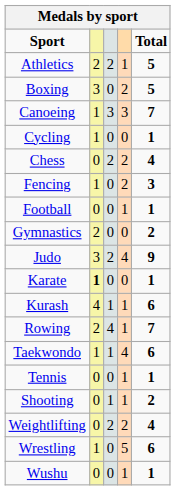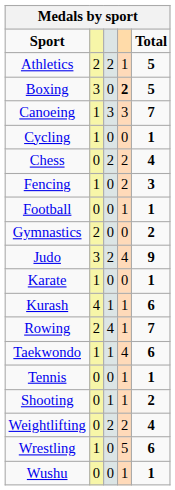 <table class=wikitable style="font-size:85%;text-align:center;float:right;clear:right;margin-left:1em;">
 <tr bgcolor=EFEFEF>
 <th colspan=7>Medals by sport</th>
 </tr>
 <tr>
 <td><strong>Sport</strong></td>
 <td bgcolor=F7F6A8></td>
 <td bgcolor=DCE5E5></td>
 <td bgcolor=FFDBA9></td>
 <td><strong>Total</strong></td>
 </tr>
 <tr>
 <td><a href='#'>Athletics</a></td>
 <td bgcolor=F7F6A8>2</td>
 <td bgcolor=DCE5E5>2</td>
 <td bgcolor=FFDAB9>1</td>
 <td><strong>5</strong></td>
 </tr>
 <tr>
 <td><a href='#'>Boxing</a></td>
 <td bgcolor=F7F6A8>3</td>
 <td bgcolor=DCE5E5>0</td>
-<td bgcolor=FFDAB9>2</td>
+<td bgcolor=FFDAB9><strong>2</strong></td>
 <td><strong>5</strong></td>
 </tr>
 <tr>
 <td><a href='#'>Canoeing</a></td>
 <td bgcolor=F7F6A8>1</td>
 <td bgcolor=DCE5E5>3</td>
 <td bgcolor=FFDAB9>3</td>
 <td><strong>7</strong></td>
 </tr>
 <tr>
 <td><a href='#'>Cycling</a></td>
 <td bgcolor=F7F6A8>1</td>
 <td bgcolor=DCE5E5>0</td>
 <td bgcolor=FFDAB9>0</td>
 <td><strong>1</strong></td>
 </tr>
 <tr>
 <td><a href='#'>Chess</a></td>
 <td bgcolor=F7F6A8>0</td>
 <td bgcolor=DCE5E5>2</td>
 <td bgcolor=FFDAB9>2</td>
 <td><strong>4</strong></td>
 </tr>
 <tr>
 <td><a href='#'>Fencing</a></td>
 <td bgcolor=F7F6A8>1</td>
 <td bgcolor=DCE5E5>0</td>
 <td bgcolor=FFDAB9>2</td>
 <td><strong>3</strong></td>
 </tr>
 <tr>
 <td><a href='#'>Football</a></td>
 <td bgcolor=F7F6A8>0</td>
 <td bgcolor=DCE5E5>0</td>
 <td bgcolor=FFDAB9>1</td>
 <td><strong>1</strong></td>
 </tr>
 <tr>
 <td><a href='#'>Gymnastics</a></td>
 <td bgcolor=F7F6A8>2</td>
 <td bgcolor=DCE5E5>0</td>
 <td bgcolor=FFDAB9>0</td>
 <td><strong>2</strong></td>
 </tr>
 <tr>
 <td><a href='#'>Judo</a></td>
 <td bgcolor=F7F6A8>3</td>
 <td bgcolor=DCE5E5>2</td>
 <td bgcolor=FFDAB9>4</td>
 <td><strong>9</strong></td>
 </tr>
 <tr>
 <td><a href='#'>Karate</a></td>
-<td bgcolor=F7F6A8><strong>1</strong></td>
+<td bgcolor=F7F6A8>1</td>
 <td bgcolor=DCE5E5>0</td>
 <td bgcolor=FFDAB9>0</td>
 <td><strong>1</strong></td>
 </tr>
 <tr>
 <td><a href='#'>Kurash</a></td>
 <td bgcolor=F7F6A8>4</td>
 <td bgcolor=DCE5E5>1</td>
 <td bgcolor=FFDAB9>1</td>
 <td><strong>6</strong></td>
 </tr>
 <tr>
 <td><a href='#'>Rowing</a></td>
 <td bgcolor=F7F6A8>2</td>
 <td bgcolor=DCE5E5>4</td>
 <td bgcolor=FFDAB9>1</td>
 <td><strong>7</strong></td>
 </tr>
 <tr>
 <td><a href='#'>Taekwondo</a></td>
 <td bgcolor=F7F6A8>1</td>
 <td bgcolor=DCE5E5>1</td>
 <td bgcolor=FFDAB9>4</td>
 <td><strong>6</strong></td>
 </tr>
 <tr>
 <td><a href='#'>Tennis</a></td>
 <td bgcolor=F7F6A8>0</td>
 <td bgcolor=DCE5E5>0</td>
 <td bgcolor=FFDAB9>1</td>
 <td><strong>1</strong></td>
 </tr>
 <tr>
 <td><a href='#'>Shooting</a></td>
 <td bgcolor=F7F6A8>0</td>
 <td bgcolor=DCE5E5>1</td>
 <td bgcolor=FFDAB9>1</td>
 <td><strong>2</strong></td>
 </tr>
 <tr>
 <td><a href='#'>Weightlifting</a></td>
 <td bgcolor=F7F6A8>0</td>
 <td bgcolor=DCE5E5>2</td>
 <td bgcolor=FFDAB9>2</td>
 <td><strong>4</strong></td>
 </tr>
 <tr>
 <td><a href='#'>Wrestling</a></td>
 <td bgcolor=F7F6A8>1</td>
 <td bgcolor=DCE5E5>0</td>
 <td bgcolor=FFDAB9>5</td>
 <td><strong>6</strong></td>
 </tr>
 <tr>
 <td><a href='#'>Wushu</a></td>
 <td bgcolor=F7F6A8>0</td>
 <td bgcolor=DCE5E5>0</td>
 <td bgcolor=FFDAB9>1</td>
 <td><strong>1</strong></td>
 </tr>
 </table>
